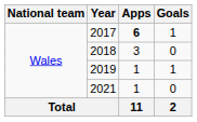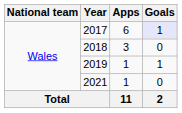 <table class="wikitable" style="text-align: center;">
 <tr>
 <th>National team</th>
 <th>Year</th>
 <th>Apps</th>
 <th>Goals</th>
 </tr>
 <tr>
 <td rowspan="4"><a href='#'>Wales</a></td>
 <td>2017</td>
-<td><strong>6</strong></td>
-<td>1</td>
+<td>6</td>
+<td style="background: lavender;">1</td>
 </tr>
 <tr>
 <td>2018</td>
 <td>3</td>
 <td>0</td>
 </tr>
 <tr>
 <td>2019</td>
 <td>1</td>
 <td>1</td>
 </tr>
 <tr>
 <td>2021</td>
 <td>1</td>
 <td>0</td>
 </tr>
 <tr>
 <th colspan="2">Total</th>
 <th>11</th>
 <th>2</th>
 </tr>
 </table>
